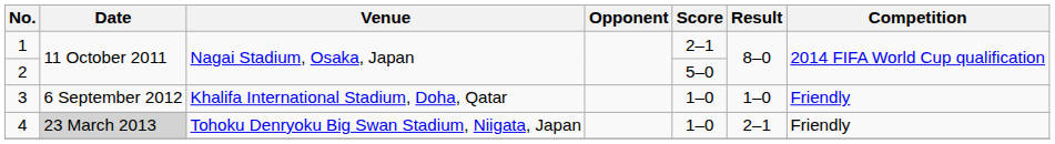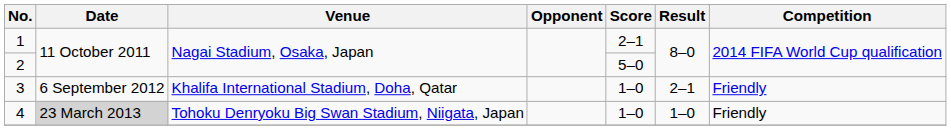 <table class="wikitable sortable">
 <tr>
 <th scope="col">No.</th>
 <th scope="col">Date</th>
 <th scope="col">Venue</th>
 <th scope="col">Opponent</th>
 <th scope="col">Score</th>
 <th scope="col">Result</th>
 <th scope="col">Competition</th>
 </tr>
 <tr>
 <td style="text-align:center">1</td>
 <td rowspan="2">11 October 2011</td>
 <td rowspan="2"><a href='#'>Nagai Stadium</a>, <a href='#'>Osaka</a>, Japan</td>
 <td rowspan="2"></td>
 <td style="text-align:center">2–1</td>
 <td rowspan="2" style="text-align:center">8–0</td>
 <td rowspan="2"><a href='#'>2014 FIFA World Cup qualification</a></td>
 </tr>
 <tr>
 <td style="text-align:center">2</td>
 <td style="text-align:center">5–0</td>
 </tr>
 <tr>
 <td style="text-align:center">3</td>
 <td>6 September 2012</td>
 <td><a href='#'>Khalifa International Stadium</a>, <a href='#'>Doha</a>, Qatar</td>
 <td></td>
 <td style="text-align:center">1–0</td>
-<td style="text-align:center">1–0</td>
+<td style="text-align:center">2–1</td>
 <td><a href='#'>Friendly</a></td>
 </tr>
 <tr>
 <td style="text-align:center">4</td>
 <td style="background: lightgrey;">23 March 2013</td>
 <td><a href='#'>Tohoku Denryoku Big Swan Stadium</a>, <a href='#'>Niigata</a>, Japan</td>
 <td></td>
 <td style="text-align:center">1–0</td>
-<td style="text-align:center">2–1</td>
+<td style="text-align:center">1–0</td>
 <td>Friendly</td>
 </tr>
 <tr>
 </tr>
 </table>
